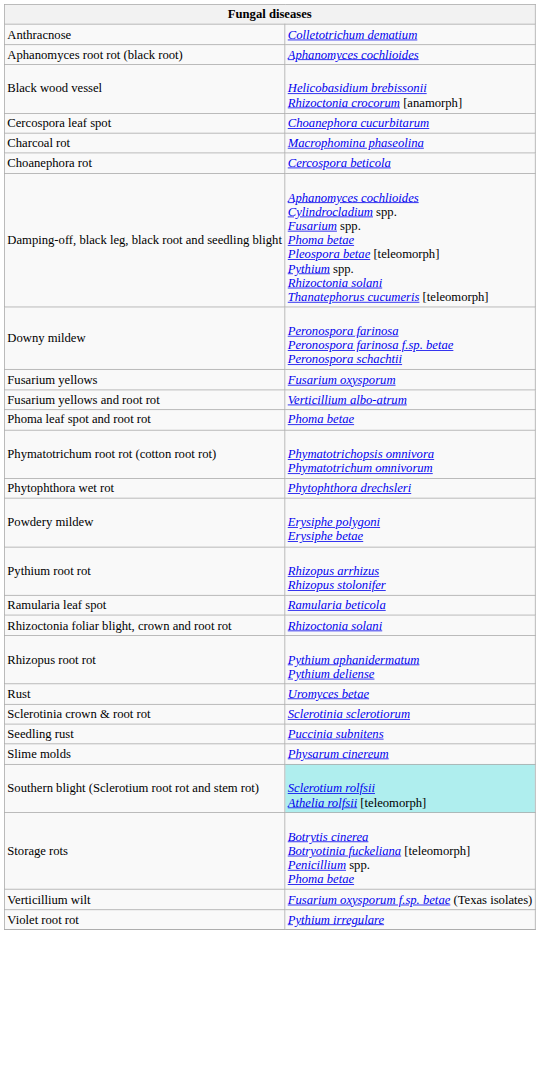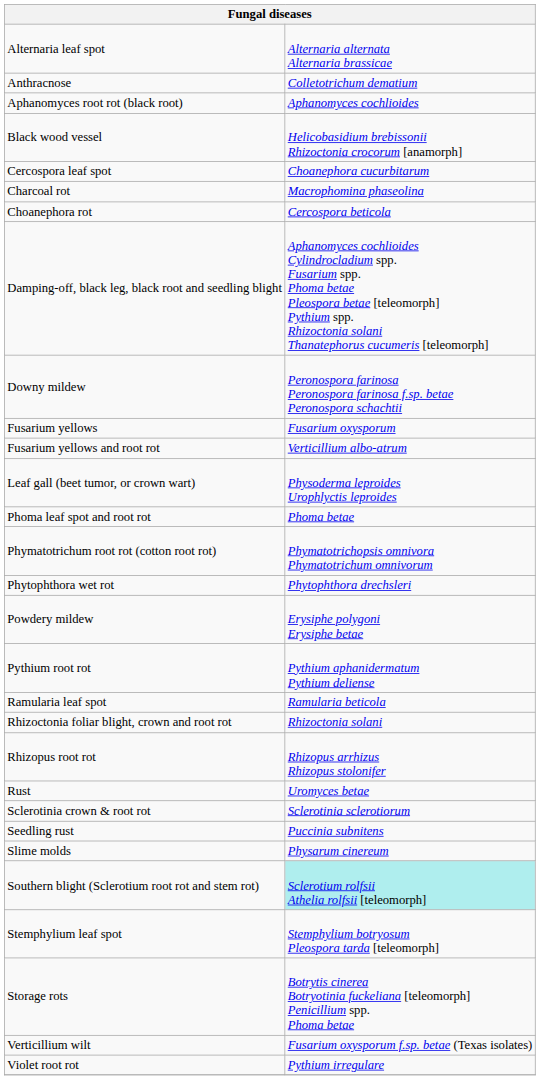 <table class="wikitable" style="clear">
 <tr>
 <th colspan=2><strong> Fungal diseases</strong><br></th>
+</tr>
+<tr>
+<td>Alternaria leaf spot</td>
+<td><br><em><a href='#'>Alternaria alternata</a></em><br>  <em><a href='#'>Alternaria brassicae</a></em></td>
 </tr>
 <tr>
 <td>Anthracnose</td>
 <td><em><a href='#'>Colletotrichum dematium</a></em></td>
 </tr>
 <tr>
 <td>Aphanomyces root rot (black root)</td>
 <td><em><a href='#'>Aphanomyces cochlioides</a></em></td>
 </tr>
 <tr>
 <td>Black wood vessel</td>
 <td><br><em><a href='#'>Helicobasidium brebissonii</a></em><br> <em><a href='#'>Rhizoctonia crocorum</a></em> [anamorph]</td>
 </tr>
 <tr>
 <td>Cercospora leaf spot</td>
 <td><em><a href='#'>Choanephora cucurbitarum</a></em></td>
 </tr>
 <tr>
 <td>Charcoal rot</td>
 <td><em><a href='#'>Macrophomina phaseolina</a></em></td>
 </tr>
 <tr>
 <td>Choanephora rot</td>
 <td><em><a href='#'>Cercospora beticola</a></em></td>
 </tr>
 <tr>
 <td>Damping-off, black leg, black root and seedling blight</td>
 <td><br><em><a href='#'>Aphanomyces cochlioides</a></em><br> <em><a href='#'>Cylindrocladium</a></em> spp.<br> <em><a href='#'>Fusarium</a></em> spp. <br> <em><a href='#'>Phoma betae</a></em><br> <em><a href='#'>Pleospora betae</a></em> [teleomorph] <br> <em><a href='#'>Pythium</a></em> spp. <br> <em><a href='#'>Rhizoctonia solani</a></em><br> <em><a href='#'>Thanatephorus cucumeris</a></em> [teleomorph]</td>
 </tr>
 <tr>
 <td>Downy mildew</td>
 <td><br><em><a href='#'>Peronospora farinosa</a></em> <br> <em><a href='#'>Peronospora farinosa f.sp. betae</a></em> <br>  <em><a href='#'>Peronospora schachtii</a></em></td>
 </tr>
 <tr>
 <td>Fusarium yellows</td>
 <td><em><a href='#'>Fusarium oxysporum</a></em></td>
 </tr>
 <tr>
 <td>Fusarium yellows and root rot</td>
 <td><em><a href='#'>Verticillium albo-atrum</a></em></td>
 </tr>
 <tr>
+<td>Leaf gall (beet tumor, or crown wart)</td>
+<td><br><em><a href='#'>Physoderma leproides</a></em> <br>  <em><a href='#'>Urophlyctis leproides</a></em></td>
+</tr>
+<tr>
 <td>Phoma leaf spot and root rot</td>
 <td><em><a href='#'>Phoma betae</a></em></td>
 </tr>
 <tr>
 <td>Phymatotrichum root rot (cotton root rot)</td>
 <td><br><em><a href='#'>Phymatotrichopsis omnivora</a></em> <br>  <em><a href='#'>Phymatotrichum omnivorum</a></em></td>
 </tr>
 <tr>
 <td>Phytophthora wet rot</td>
 <td><em><a href='#'>Phytophthora drechsleri</a></em></td>
 </tr>
 <tr>
 <td>Powdery mildew</td>
 <td><br><em><a href='#'>Erysiphe polygoni</a></em> <br>  <em><a href='#'>Erysiphe betae</a></em></td>
 </tr>
 <tr>
 <td>Pythium root rot</td>
-<td><br><em><a href='#'>Rhizopus arrhizus</a></em><br> <em><a href='#'>Rhizopus stolonifer</a></em></td>
+<td><br><em><a href='#'>Pythium aphanidermatum</a></em> <br> <em><a href='#'>Pythium deliense</a></em></td>
 </tr>
 <tr>
 <td>Ramularia leaf spot</td>
 <td><em><a href='#'>Ramularia beticola</a></em></td>
 </tr>
 <tr>
 <td>Rhizoctonia foliar blight, crown and root rot</td>
 <td><em><a href='#'>Rhizoctonia solani</a></em></td>
 </tr>
 <tr>
 <td>Rhizopus root rot</td>
-<td><br><em><a href='#'>Pythium aphanidermatum</a></em> <br> <em><a href='#'>Pythium deliense</a></em></td>
+<td><br><em><a href='#'>Rhizopus arrhizus</a></em><br> <em><a href='#'>Rhizopus stolonifer</a></em></td>
 </tr>
 <tr>
 <td>Rust</td>
 <td><em><a href='#'>Uromyces betae</a></em></td>
 </tr>
 <tr>
 <td>Sclerotinia crown & root rot</td>
 <td><em><a href='#'>Sclerotinia sclerotiorum</a></em></td>
 </tr>
 <tr>
 <td>Seedling rust</td>
 <td><em><a href='#'>Puccinia subnitens</a></em></td>
 </tr>
 <tr>
 <td>Slime molds</td>
 <td><em><a href='#'>Physarum cinereum</a></em></td>
 </tr>
 <tr>
 <td>Southern blight (Sclerotium root rot and stem rot)</td>
 <td style="background: paleturquoise;"><br><em><a href='#'>Sclerotium rolfsii</a></em> <br> <em><a href='#'>Athelia rolfsii</a></em> [teleomorph]</td>
 </tr>
 <tr>
+<td>Stemphylium leaf spot</td>
+<td><br><em><a href='#'>Stemphylium botryosum</a></em><br> <em><a href='#'>Pleospora tarda</a></em> [teleomorph]</td>
+</tr>
+<tr>
 <td>Storage rots</td>
 <td><br><em><a href='#'>Botrytis cinerea</a></em><br> <em><a href='#'>Botryotinia fuckeliana</a></em> [teleomorph] <br> <em><a href='#'>Penicillium</a></em> spp. <br> <em><a href='#'>Phoma betae</a></em></td>
 </tr>
 <tr>
 <td>Verticillium wilt</td>
 <td><em><a href='#'>Fusarium oxysporum f.sp. betae</a></em> (Texas isolates)</td>
 </tr>
 <tr>
 <td>Violet root rot</td>
 <td><em><a href='#'>Pythium irregulare</a></em></td>
 </tr>
 <tr>
 </tr>
 </table>
